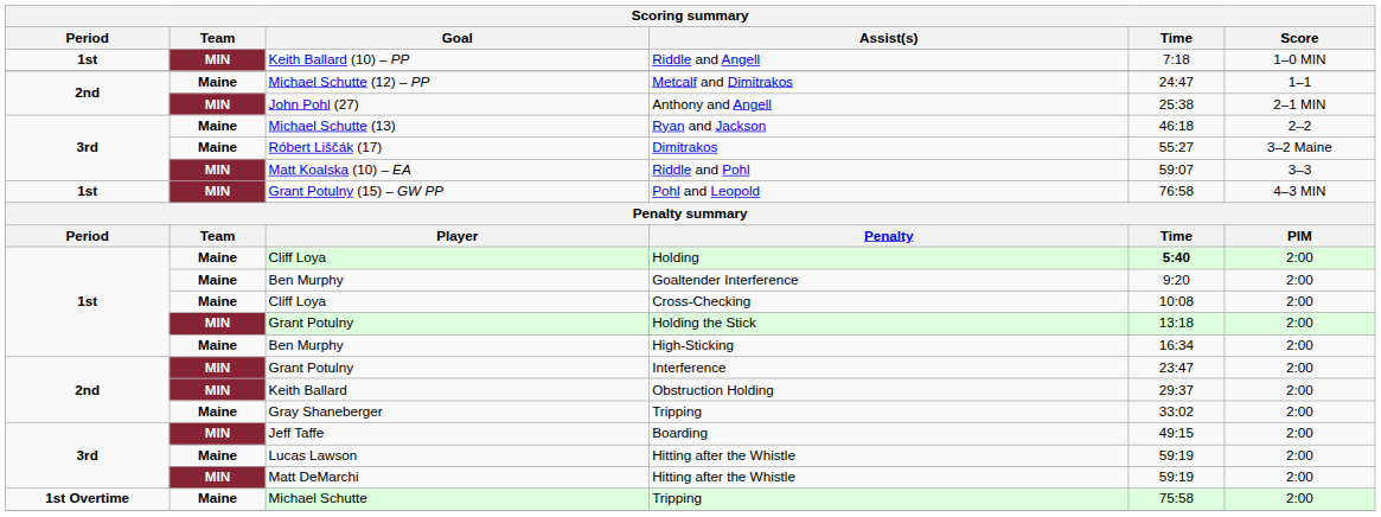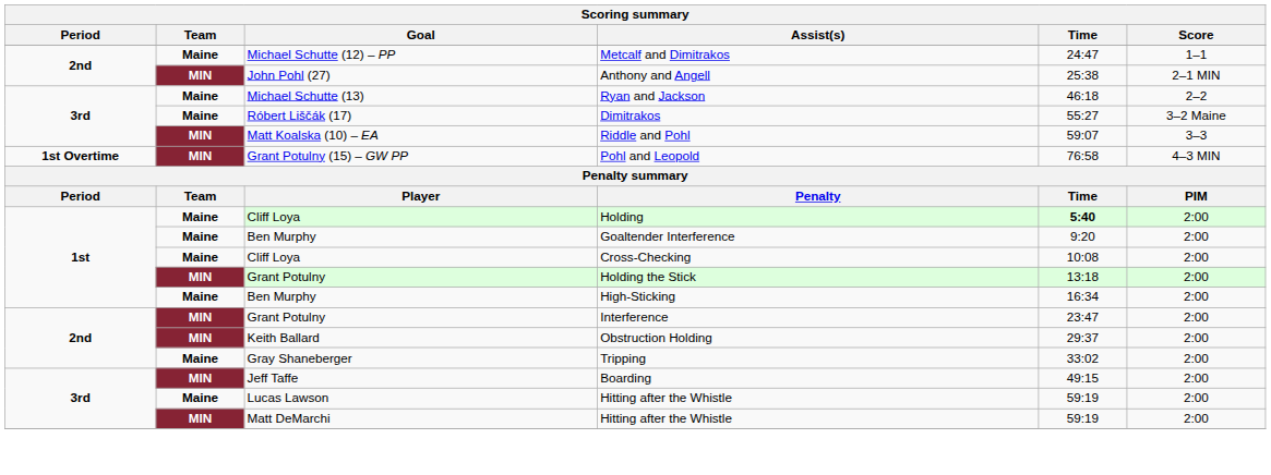 <table style="width:100%;" class="wikitable">
 <tr>
 <th colspan=6>Scoring summary</th>
 </tr>
 <tr>
 <th style="width:12%;">Period</th>
 <th style="width:7%;">Team</th>
 <th style="width:28%;">Goal</th>
 <th style="width:35%;">Assist(s)</th>
 <th style="width:7%;">Time</th>
 <th style="width:11%;">Score</th>
-</tr>
-<tr>
-<td align=center><strong>1st</strong></td>
-<td align=center style="color:white; background:#862334; "><strong>MIN</strong></td>
-<td><a href='#'>Keith Ballard</a> (10) – <em>PP</em></td>
-<td><a href='#'>Riddle</a> and <a href='#'>Angell</a></td>
-<td align=center>7:18</td>
-<td align=center>1–0 MIN</td>
 </tr>
 <tr>
 </tr>
 <tr>
 <td style="text-align:center;" rowspan="2"><strong>2nd</strong></td>
 <td align=center><strong>Maine</strong></td>
 <td><a href='#'>Michael Schutte</a> (12) – <em>PP</em></td>
 <td><a href='#'>Metcalf</a> and <a href='#'>Dimitrakos</a></td>
 <td align=center>24:47</td>
 <td align=center>1–1</td>
 </tr>
 <tr>
 <td align=center style="color:white; background:#862334; "><strong>MIN</strong></td>
 <td><a href='#'>John Pohl</a> (27)</td>
 <td>Anthony and <a href='#'>Angell</a></td>
 <td align=center>25:38</td>
 <td align=center>2–1 MIN</td>
 </tr>
 <tr>
 <td style="text-align:center;" rowspan="3"><strong>3rd</strong></td>
 <td align=center><strong>Maine</strong></td>
 <td><a href='#'>Michael Schutte</a> (13)</td>
 <td><a href='#'>Ryan</a> and <a href='#'>Jackson</a></td>
 <td align=center>46:18</td>
 <td align=center>2–2</td>
 </tr>
 <tr>
 <td align=center><strong>Maine</strong></td>
 <td><a href='#'>Róbert Liščák</a> (17)</td>
 <td><a href='#'>Dimitrakos</a></td>
 <td align=center>55:27</td>
 <td align=center>3–2 Maine</td>
 </tr>
 <tr>
 <td align=center style="color:white; background:#862334; "><strong>MIN</strong></td>
 <td><a href='#'>Matt Koalska</a> (10) – <em>EA</em></td>
 <td><a href='#'>Riddle</a> and <a href='#'>Pohl</a></td>
 <td align=center>59:07</td>
 <td align=center>3–3</td>
 </tr>
 <tr>
-<td align=center><strong>1st</strong></td>
+<td align=center><strong>1st Overtime</strong></td>
 <td align=center style="color:white; background:#862334; "><strong>MIN</strong></td>
 <td><a href='#'>Grant Potulny</a> (15) – <em>GW PP</em></td>
 <td><a href='#'>Pohl</a> and <a href='#'>Leopold</a></td>
 <td align=center>76:58</td>
 <td align=center>4–3 MIN</td>
 </tr>
 <tr>
 <th colspan=6>Penalty summary</th>
 </tr>
 <tr>
 <th style="width:12%;">Period</th>
 <th style="width:7%;">Team</th>
 <th style="width:28%;">Player</th>
 <th style="width:35%;"><a href='#'>Penalty</a></th>
 <th style="width:7%;">Time</th>
 <th style="width:11%;">PIM</th>
 </tr>
 <tr>
 <td style="text-align:center;" rowspan="5"><strong>1st</strong></td>
 <td align=center><strong>Maine</strong></td>
 <td bgcolor=ddffdd>Cliff Loya</td>
 <td bgcolor=ddffdd>Holding</td>
 <td align=center bgcolor=ddffdd><strong>5:40</strong></td>
 <td align=center bgcolor=ddffdd>2:00</td>
 </tr>
 <tr>
 <td align=center><strong>Maine</strong></td>
 <td>Ben Murphy</td>
 <td>Goaltender Interference</td>
 <td align=center>9:20</td>
 <td align=center>2:00</td>
 </tr>
 <tr>
 <td align=center><strong>Maine</strong></td>
 <td>Cliff Loya</td>
 <td>Cross-Checking</td>
 <td align=center>10:08</td>
 <td align=center>2:00</td>
 </tr>
 <tr bgcolor=ddffdd>
 <td align=center style="color:white; background:#862334; "><strong>MIN</strong></td>
 <td>Grant Potulny</td>
 <td>Holding the Stick</td>
 <td align=center>13:18</td>
 <td align=center>2:00</td>
 </tr>
 <tr>
 <td align=center><strong>Maine</strong></td>
 <td>Ben Murphy</td>
 <td>High-Sticking</td>
 <td align=center>16:34</td>
 <td align=center>2:00</td>
 </tr>
 <tr>
 <td style="text-align:center;" rowspan="3"><strong>2nd</strong></td>
 <td align=center style="color:white; background:#862334; "><strong>MIN</strong></td>
 <td>Grant Potulny</td>
 <td>Interference</td>
 <td align=center>23:47</td>
 <td align=center>2:00</td>
 </tr>
 <tr>
 <td align=center style="color:white; background:#862334; "><strong>MIN</strong></td>
 <td>Keith Ballard</td>
 <td>Obstruction Holding</td>
 <td align=center>29:37</td>
 <td align=center>2:00</td>
 </tr>
 <tr>
 <td align=center><strong>Maine</strong></td>
 <td>Gray Shaneberger</td>
 <td>Tripping</td>
 <td align=center>33:02</td>
 <td align=center>2:00</td>
 </tr>
 <tr>
 <td style="text-align:center;" rowspan="3"><strong>3rd</strong></td>
 <td align=center style="color:white; background:#862334; "><strong>MIN</strong></td>
 <td>Jeff Taffe</td>
 <td>Boarding</td>
 <td align=center>49:15</td>
 <td align=center>2:00</td>
 </tr>
 <tr>
 <td align=center><strong>Maine</strong></td>
 <td>Lucas Lawson</td>
 <td>Hitting after the Whistle</td>
 <td align=center>59:19</td>
 <td align=center>2:00</td>
 </tr>
 <tr>
 <td align=center style="color:white; background:#862334; "><strong>MIN</strong></td>
 <td>Matt DeMarchi</td>
 <td>Hitting after the Whistle</td>
 <td align=center>59:19</td>
 <td align=center>2:00</td>
 </tr>
 <tr>
-<td style="text-align:center;" rowspan="1"><strong>1st Overtime</strong></td>
-<td align=center><strong>Maine</strong></td>
-<td bgcolor=ddffdd>Michael Schutte</td>
-<td bgcolor=ddffdd>Tripping</td>
-<td align=center bgcolor=ddffdd>75:58</td>
-<td align=center bgcolor=ddffdd>2:00</td>
-</tr>
-<tr>
 </tr>
 </table>
